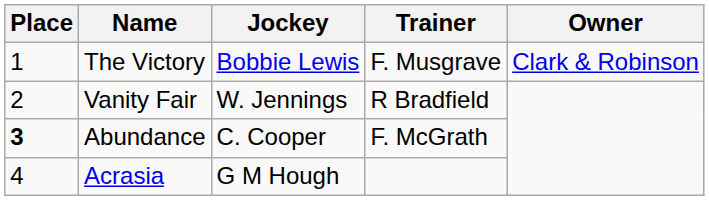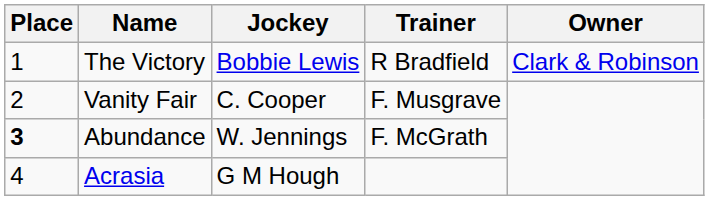 <table class="wikitable">
 <tr>
 <th>Place</th>
 <th>Name</th>
 <th>Jockey</th>
 <th>Trainer</th>
 <th>Owner</th>
 </tr>
 <tr>
 <td>1</td>
 <td>The Victory</td>
 <td><a href='#'>Bobbie Lewis</a></td>
-<td>F. Musgrave</td>
+<td>R Bradfield</td>
 <td><a href='#'>Clark & Robinson</a></td>
 </tr>
 <tr>
 <td>2</td>
 <td>Vanity Fair</td>
-<td>W. Jennings</td>
-<td>R Bradfield</td>
+<td>C. Cooper</td>
+<td>F. Musgrave</td>
 </tr>
 <tr>
 <td><strong>3</strong></td>
 <td>Abundance</td>
-<td>C. Cooper</td>
+<td>W. Jennings</td>
 <td>F. McGrath</td>
 </tr>
 <tr>
 <td>4</td>
 <td><a href='#'>Acrasia</a></td>
 <td>G M Hough</td>
 <td></td>
 </tr>
 </table>
